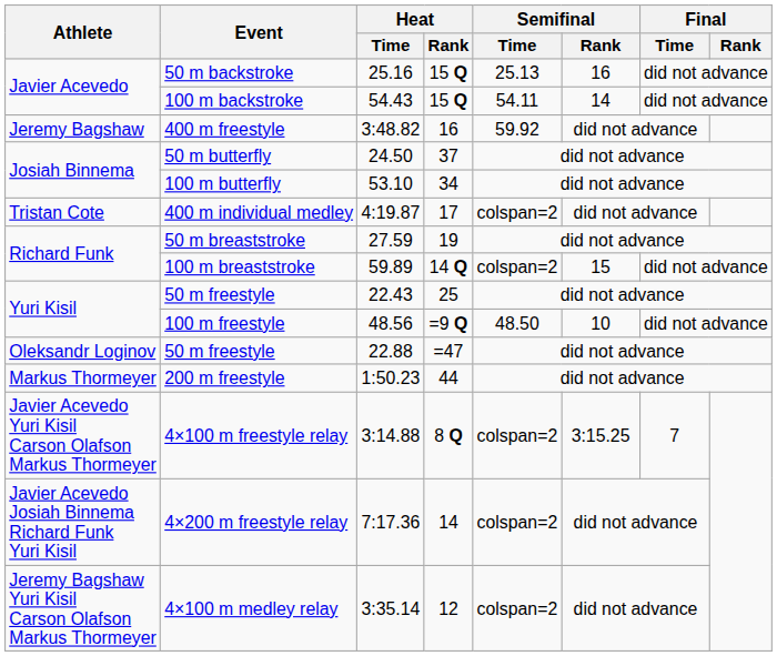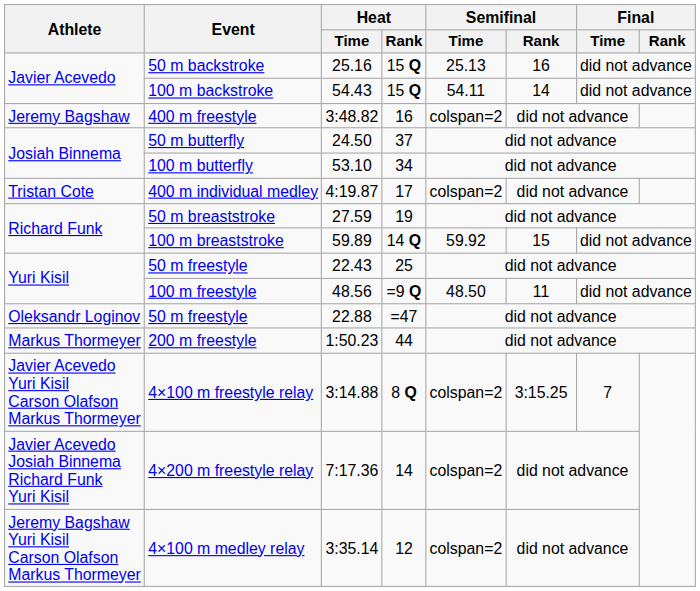 <table class=wikitable style="font-size:90%">
 <tr>
 <th rowspan="2">Athlete</th>
 <th rowspan="2">Event</th>
 <th colspan="2">Heat</th>
 <th colspan="2">Semifinal</th>
 <th colspan="2">Final</th>
 </tr>
 <tr style="font-size:95%">
 <th>Time</th>
 <th>Rank</th>
 <th>Time</th>
 <th>Rank</th>
 <th>Time</th>
 <th>Rank</th>
 </tr>
 <tr align=center>
 <td align=left rowspan=2><a href='#'>Javier Acevedo</a></td>
 <td align=left><a href='#'>50 m backstroke</a></td>
 <td>25.16</td>
 <td>15 <strong>Q</strong></td>
 <td>25.13</td>
 <td>16</td>
 <td colspan=2>did not advance</td>
 </tr>
 <tr align=center>
 <td align=left><a href='#'>100 m backstroke</a></td>
 <td>54.43</td>
 <td>15 <strong>Q</strong></td>
 <td>54.11</td>
 <td>14</td>
 <td colspan=2>did not advance</td>
 </tr>
 <tr align=center>
 <td align=left><a href='#'>Jeremy Bagshaw</a></td>
 <td align=left><a href='#'>400 m freestyle</a></td>
 <td>3:48.82</td>
 <td>16</td>
-<td>59.92</td>
+<td>colspan=2 </td>
 <td colspan=2>did not advance</td>
 </tr>
 <tr align=center>
 <td align=left rowspan=2><a href='#'>Josiah Binnema</a></td>
 <td align=left><a href='#'>50 m butterfly</a></td>
 <td>24.50</td>
 <td>37</td>
 <td colspan=4>did not advance</td>
 </tr>
 <tr align=center>
 <td align=left><a href='#'>100 m butterfly</a></td>
 <td>53.10</td>
 <td>34</td>
 <td colspan=4>did not advance</td>
 </tr>
 <tr align=center>
 <td align=left><a href='#'>Tristan Cote</a></td>
 <td align=left><a href='#'>400 m individual medley</a></td>
 <td>4:19.87</td>
 <td>17</td>
 <td>colspan=2 </td>
 <td colspan=2>did not advance</td>
 </tr>
 <tr align=center>
 <td align=left rowspan=2><a href='#'>Richard Funk</a></td>
 <td align=left><a href='#'>50 m breaststroke</a></td>
 <td>27.59</td>
 <td>19</td>
 <td colspan=4>did not advance</td>
 </tr>
 <tr align=center>
 <td align=left><a href='#'>100 m breaststroke</a></td>
 <td>59.89</td>
 <td>14 <strong>Q</strong></td>
-<td>colspan=2 </td>
+<td>59.92</td>
 <td>15</td>
 <td colspan=2>did not advance</td>
 </tr>
 <tr align=center>
 <td align=left rowspan=2><a href='#'>Yuri Kisil</a></td>
 <td align=left><a href='#'>50 m freestyle</a></td>
 <td>22.43</td>
 <td>25</td>
 <td colspan=4>did not advance</td>
 </tr>
 <tr align=center>
 <td align=left><a href='#'>100 m freestyle</a></td>
 <td>48.56</td>
 <td>=9 <strong>Q</strong></td>
 <td>48.50</td>
-<td>10</td>
+<td>11</td>
 <td colspan=2>did not advance</td>
 </tr>
 <tr align=center>
 <td align=left><a href='#'>Oleksandr Loginov</a></td>
 <td align=left><a href='#'>50 m freestyle</a></td>
 <td>22.88</td>
 <td>=47</td>
 <td colspan=4>did not advance</td>
 </tr>
 <tr align=center>
 <td align=left><a href='#'>Markus Thormeyer</a></td>
 <td align=left><a href='#'>200 m freestyle</a></td>
 <td>1:50.23</td>
 <td>44</td>
 <td colspan=4>did not advance</td>
 </tr>
 <tr align=center>
 <td align=left><a href='#'>Javier Acevedo</a><br><a href='#'>Yuri Kisil</a><br><a href='#'>Carson Olafson</a><br><a href='#'>Markus Thormeyer</a></td>
 <td align=left><a href='#'>4×100 m freestyle relay</a></td>
 <td>3:14.88</td>
 <td>8 <strong>Q</strong></td>
 <td>colspan=2 </td>
 <td>3:15.25</td>
 <td>7</td>
 </tr>
 <tr align=center>
 <td align=left><a href='#'>Javier Acevedo</a><br><a href='#'>Josiah Binnema</a><br><a href='#'>Richard Funk</a><br><a href='#'>Yuri Kisil</a></td>
 <td align=left><a href='#'>4×200 m freestyle relay</a></td>
 <td>7:17.36</td>
 <td>14</td>
 <td>colspan=2 </td>
 <td colspan=2>did not advance</td>
 </tr>
 <tr align=center>
 <td align=left><a href='#'>Jeremy Bagshaw</a><br><a href='#'>Yuri Kisil</a><br><a href='#'>Carson Olafson</a><br><a href='#'>Markus Thormeyer</a></td>
 <td align=left><a href='#'>4×100 m medley relay</a></td>
 <td>3:35.14</td>
 <td>12</td>
 <td>colspan=2 </td>
 <td colspan=2>did not advance</td>
 </tr>
 </table>
